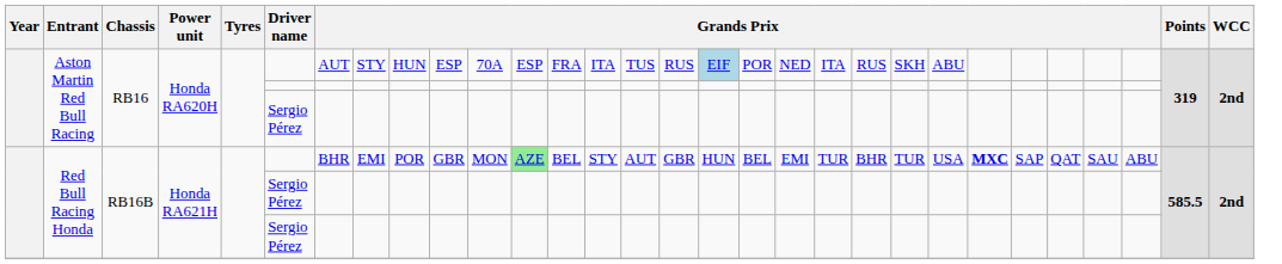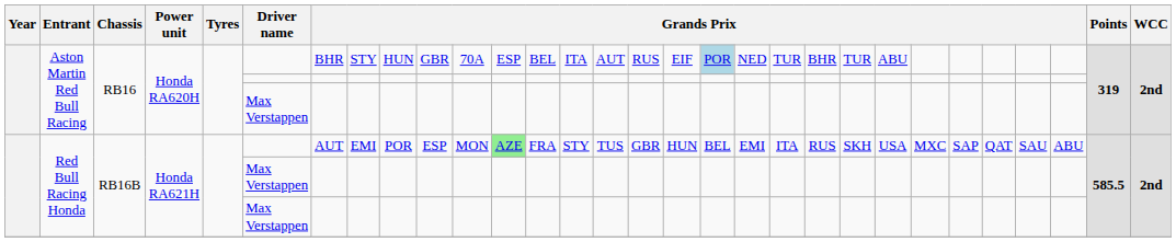 <table class="wikitable" style="text-align:center; font-size:90%">
 <tr>
 <th>Year</th>
 <th>Entrant</th>
 <th>Chassis</th>
 <th>Power unit</th>
 <th>Tyres</th>
 <th>Driver name</th>
 <th colspan="22">Grands Prix</th>
 <th>Points</th>
 <th>WCC</th>
 </tr>
 <tr>
 <th rowspan="3"></th>
 <td rowspan="3"><a href='#'>Aston Martin Red Bull Racing</a></td>
 <td rowspan="3">RB16</td>
 <td rowspan="3"><a href='#'>Honda RA620H</a></td>
 <td rowspan="3"></td>
 <td></td>
-<td><a href='#'>AUT</a></td>
+<td><a href='#'>BHR</a></td>
 <td><a href='#'>STY</a></td>
 <td><a href='#'>HUN</a></td>
-<td><a href='#'>ESP</a></td>
+<td><a href='#'>GBR</a></td>
 <td><a href='#'>70A</a></td>
 <td><a href='#'>ESP</a></td>
-<td><a href='#'>FRA</a></td>
+<td><a href='#'>BEL</a></td>
 <td><a href='#'>ITA</a></td>
-<td><a href='#'>TUS</a></td>
+<td><a href='#'>AUT</a></td>
 <td><a href='#'>RUS</a></td>
-<td style="background: lightblue;"><a href='#'>EIF</a></td>
-<td><a href='#'>POR</a></td>
+<td><a href='#'>EIF</a></td>
+<td style="background: lightblue;"><a href='#'>POR</a></td>
 <td><a href='#'>NED</a></td>
-<td><a href='#'>ITA</a></td>
-<td><a href='#'>RUS</a></td>
-<td><a href='#'>SKH</a></td>
+<td><a href='#'>TUR</a></td>
+<td><a href='#'>BHR</a></td>
+<td><a href='#'>TUR</a></td>
 <td><a href='#'>ABU</a></td>
 <td></td>
 <td></td>
 <td></td>
 <td></td>
 <td></td>
 <th rowspan=3 style="background:#DFDFDF;">319</th>
 <th rowspan=3 style="background:#DFDFDF;">2nd</th>
 </tr>
 <tr>
 <td align=left></td>
 <td></td>
 <td></td>
 <td></td>
 <td></td>
 <td></td>
 <td></td>
 <td></td>
 <td></td>
 <td></td>
 <td></td>
 <td></td>
 <td></td>
 <td></td>
 <td></td>
 <td></td>
 <td></td>
 <td></td>
 <td></td>
 <td></td>
 <td></td>
 <td></td>
 <td></td>
 </tr>
 <tr>
-<td align=left> <a href='#'>Sergio Pérez</a></td>
+<td align=left> <a href='#'>Max Verstappen</a></td>
 <td></td>
 <td></td>
 <td></td>
 <td></td>
 <td></td>
 <td></td>
 <td></td>
 <td></td>
 <td></td>
 <td></td>
 <td></td>
 <td></td>
 <td></td>
 <td></td>
 <td></td>
 <td></td>
 <td></td>
 <td></td>
 <td></td>
 <td></td>
 <td></td>
 <td></td>
 </tr>
 <tr>
 <th rowspan=3></th>
 <td rowspan=3><a href='#'>Red Bull Racing Honda</a></td>
 <td rowspan=3>RB16B</td>
 <td rowspan=3><a href='#'>Honda RA621H</a></td>
 <td rowspan=3></td>
 <td></td>
-<td><a href='#'>BHR</a></td>
+<td><a href='#'>AUT</a></td>
 <td><a href='#'>EMI</a></td>
 <td><a href='#'>POR</a></td>
-<td><a href='#'>GBR</a></td>
+<td><a href='#'>ESP</a></td>
 <td><a href='#'>MON</a></td>
 <td style="background: lightgreen;"><a href='#'>AZE</a></td>
-<td><a href='#'>BEL</a></td>
+<td><a href='#'>FRA</a></td>
 <td><a href='#'>STY</a></td>
-<td><a href='#'>AUT</a></td>
+<td><a href='#'>TUS</a></td>
 <td><a href='#'>GBR</a></td>
 <td><a href='#'>HUN</a></td>
 <td><a href='#'>BEL</a></td>
 <td><a href='#'>EMI</a></td>
-<td><a href='#'>TUR</a></td>
-<td><a href='#'>BHR</a></td>
-<td><a href='#'>TUR</a></td>
+<td><a href='#'>ITA</a></td>
+<td><a href='#'>RUS</a></td>
+<td><a href='#'>SKH</a></td>
 <td><a href='#'>USA</a></td>
-<td><strong><a href='#'>MXC</a></strong></td>
+<td><a href='#'>MXC</a></td>
 <td><a href='#'>SAP</a></td>
 <td><a href='#'>QAT</a></td>
 <td><a href='#'>SAU</a></td>
 <td><a href='#'>ABU</a></td>
 <th rowspan="3" style="background:#DFDFDF;">585.5</th>
 <th rowspan="3" style="background:#DFDFDF;">2nd</th>
 </tr>
 <tr>
-<td align=left> <a href='#'>Sergio Pérez</a></td>
+<td align=left> <a href='#'>Max Verstappen</a></td>
 <td></td>
 <td></td>
 <td></td>
 <td></td>
 <td></td>
 <td></td>
 <td></td>
 <td></td>
 <td></td>
 <td></td>
 <td></td>
 <td></td>
 <td></td>
 <td></td>
 <td></td>
 <td></td>
 <td></td>
 <td></td>
 <td></td>
 <td></td>
 <td></td>
 <td></td>
 </tr>
 <tr>
-<td align=left> <a href='#'>Sergio Pérez</a></td>
+<td align=left> <a href='#'>Max Verstappen</a></td>
 <td></td>
 <td></td>
 <td></td>
 <td></td>
 <td></td>
 <td></td>
 <td></td>
 <td></td>
 <td></td>
 <td></td>
 <td></td>
 <td></td>
 <td></td>
 <td></td>
 <td></td>
 <td></td>
 <td></td>
 <td></td>
 <td></td>
 <td></td>
 <td></td>
 <td></td>
 </tr>
 <tr>
 </tr>
 </table>
